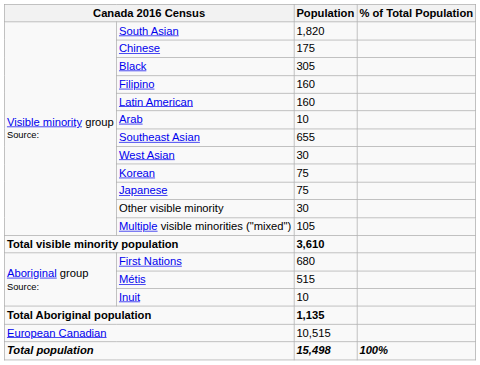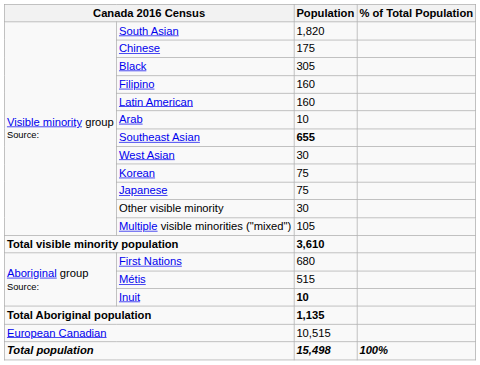 <table class="wikitable">
 <tr>
 <th colspan="2">Canada 2016 Census</th>
 <th>Population</th>
 <th>% of Total Population</th>
 </tr>
 <tr>
 <td rowspan="12"><a href='#'>Visible minority</a> group<br><small>Source:</small></td>
 <td><a href='#'>South Asian</a></td>
 <td>1,820</td>
 <td></td>
 </tr>
 <tr>
 <td><a href='#'>Chinese</a></td>
 <td>175</td>
 <td></td>
 </tr>
 <tr>
 <td><a href='#'>Black</a></td>
 <td>305</td>
 <td></td>
 </tr>
 <tr>
 <td><a href='#'>Filipino</a></td>
 <td>160</td>
 <td></td>
 </tr>
 <tr>
 <td><a href='#'>Latin American</a></td>
 <td>160</td>
 <td></td>
 </tr>
 <tr>
 <td><a href='#'>Arab</a></td>
 <td>10</td>
 <td></td>
 </tr>
 <tr>
 <td><a href='#'>Southeast Asian</a></td>
-<td>655</td>
+<td><strong>655</strong></td>
 <td></td>
 </tr>
 <tr>
 <td><a href='#'>West Asian</a></td>
 <td>30</td>
 <td></td>
 </tr>
 <tr>
 <td><a href='#'>Korean</a></td>
 <td>75</td>
 <td></td>
 </tr>
 <tr>
 <td><a href='#'>Japanese</a></td>
 <td>75</td>
 <td></td>
 </tr>
 <tr>
 <td>Other visible minority</td>
 <td>30</td>
 <td></td>
 </tr>
 <tr>
 <td><a href='#'>Multiple</a> visible minorities ("mixed")</td>
 <td>105</td>
 <td></td>
 </tr>
 <tr>
 <td colspan="2"><strong>Total visible minority population</strong></td>
 <td><strong>3,610</strong></td>
 <td><strong></strong></td>
 </tr>
 <tr>
 <td rowspan="3"><a href='#'>Aboriginal</a> group<br><small>Source:</small></td>
 <td><a href='#'>First Nations</a></td>
 <td>680</td>
 <td></td>
 </tr>
 <tr>
 <td><a href='#'>Métis</a></td>
 <td>515</td>
 <td></td>
 </tr>
 <tr>
 <td><a href='#'>Inuit</a></td>
-<td>10</td>
+<td><strong>10</strong></td>
 <td></td>
 </tr>
 <tr>
 <td colspan="2"><strong>Total Aboriginal population</strong></td>
 <td><strong>1,135</strong></td>
 <td><strong></strong></td>
 </tr>
 <tr>
 <td colspan="2"><a href='#'>European Canadian</a></td>
 <td>10,515</td>
 <td></td>
 </tr>
 <tr>
 <td colspan="2"><strong><em>Total population</em></strong></td>
 <td><strong><em>15,498</em></strong></td>
 <td><strong><em>100%</em></strong></td>
 </tr>
 </table>
